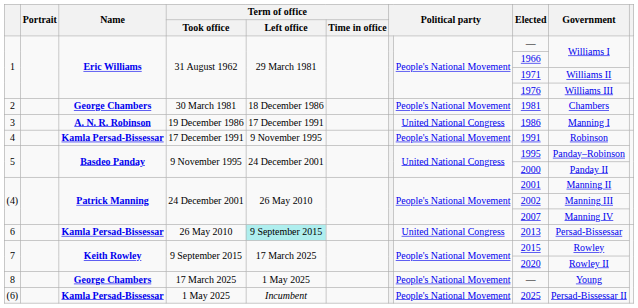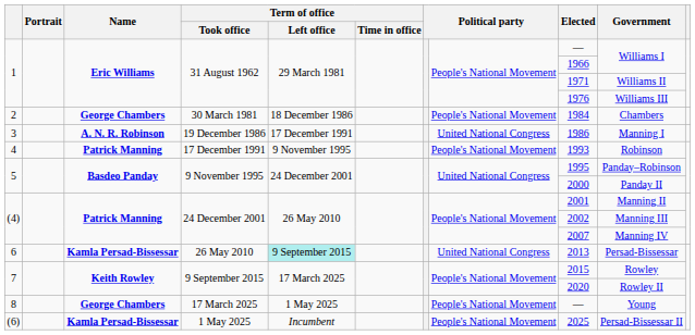 <table class="wikitable" style="text-align:center">
 <tr>
 <th rowspan=2 scope="col"></th>
 <th rowspan=2 scope="col">Portrait</th>
 <th rowspan=2 scope="col">Name<br></th>
 <th colspan=3 scope="col">Term of office</th>
 <th colspan=2 rowspan=2 scope="col">Political party</th>
 <th rowspan=2 scope="col">Elected</th>
 <th rowspan=2 scope="col">Government</th>
 <th rowspan=2 scope="col"></th>
 </tr>
 <tr>
 <th scope="col">Took office</th>
 <th scope="col">Left office</th>
 <th scope="col">Time in office</th>
 </tr>
 <tr>
 <td rowspan="4">1</td>
 <td rowspan="4"></td>
 <td rowspan="4"><strong><a href='#'>Eric Williams</a></strong><br></td>
 <td rowspan="4">31 August 1962</td>
 <td rowspan="4">29 March 1981</td>
 <td rowspan="4"></td>
 <th rowspan="4" style="background:"></th>
 <td rowspan="4"><a href='#'>People's National Movement</a></td>
 <td>—</td>
 <td rowspan="2"><a href='#'>Williams I</a></td>
 <td rowspan="4"></td>
 </tr>
 <tr>
 <td><a href='#'>1966</a></td>
 </tr>
 <tr>
 <td><a href='#'>1971</a></td>
 <td><a href='#'>Williams II</a></td>
 </tr>
 <tr>
 <td><a href='#'>1976</a></td>
 <td><a href='#'>Williams III</a></td>
 </tr>
 <tr>
 <td>2</td>
 <td></td>
 <td><strong><a href='#'>George Chambers</a></strong><br></td>
 <td>30 March 1981</td>
 <td>18 December 1986</td>
 <td></td>
 <th style="background:"></th>
 <td><a href='#'>People's National Movement</a></td>
-<td><a href='#'>1981</a></td>
+<td><a href='#'>1984</a></td>
 <td><a href='#'>Chambers</a></td>
 <td></td>
 </tr>
 <tr>
 <td>3</td>
 <td></td>
 <td><strong><a href='#'>A. N. R. Robinson</a></strong><br></td>
 <td>19 December 1986</td>
 <td>17 December 1991</td>
 <td></td>
 <th style="background:"></th>
 <td><a href='#'>United National Congress</a></td>
 <td><a href='#'>1986</a></td>
 <td><a href='#'>Manning I</a></td>
 <td></td>
 </tr>
 <tr>
 <td>4</td>
 <td></td>
-<td><strong><a href='#'>Kamla Persad-Bissessar</a></strong><br></td>
+<td><strong><a href='#'>Patrick Manning</a></strong><br></td>
 <td>17 December 1991</td>
 <td>9 November 1995</td>
 <td></td>
 <th style="background:"></th>
 <td><a href='#'>People's National Movement</a></td>
-<td><a href='#'>1991</a></td>
+<td><a href='#'>1993</a></td>
 <td><a href='#'>Robinson</a></td>
 </tr>
 <tr>
 <td rowspan="2">5</td>
 <td rowspan="2"></td>
 <td rowspan="2"><strong><a href='#'>Basdeo Panday</a></strong><br></td>
 <td rowspan="2">9 November 1995</td>
 <td rowspan="2">24 December 2001</td>
 <td rowspan="2"></td>
 <th rowspan="2" style="background:"></th>
 <td rowspan="2"><a href='#'>United National Congress</a></td>
 <td><a href='#'>1995</a></td>
 <td><a href='#'>Panday–Robinson</a></td>
 </tr>
 <tr>
 <td><a href='#'>2000</a></td>
 <td><a href='#'>Panday II</a></td>
 </tr>
 <tr>
 <td rowspan="3">(4)</td>
 <td rowspan="3"></td>
 <td rowspan="3"><strong><a href='#'>Patrick Manning</a></strong><br></td>
 <td rowspan="3">24 December 2001</td>
 <td rowspan="3">26 May 2010</td>
 <td rowspan="3"></td>
 <th rowspan="3" style="background:"></th>
 <td rowspan="3"><a href='#'>People's National Movement</a></td>
 <td><a href='#'>2001</a></td>
 <td><a href='#'>Manning II</a></td>
 <td rowspan="3"></td>
 </tr>
 <tr>
 <td><a href='#'>2002</a></td>
 <td><a href='#'>Manning III</a></td>
 </tr>
 <tr>
 <td><a href='#'>2007</a></td>
 <td><a href='#'>Manning IV</a></td>
 </tr>
 <tr>
 <td>6</td>
 <td></td>
 <td><strong><a href='#'>Kamla Persad-Bissessar</a></strong><br></td>
 <td>26 May 2010</td>
 <td style="background: paleturquoise;">9 September 2015</td>
 <td></td>
 <th style="background:"></th>
 <td><a href='#'>United National Congress</a></td>
 <td><a href='#'>2013</a></td>
 <td><a href='#'>Persad-Bissessar</a></td>
 </tr>
 <tr>
 <td rowspan="2">7</td>
 <td rowspan="2"></td>
 <td rowspan="2"><strong><a href='#'>Keith Rowley</a></strong><br></td>
 <td rowspan="2">9 September 2015</td>
 <td rowspan="2">17 March 2025</td>
 <td rowspan="2"></td>
 <th rowspan="2" style="background:"></th>
 <td rowspan="2"><a href='#'>People's National Movement</a></td>
 <td><a href='#'>2015</a></td>
 <td><a href='#'>Rowley</a></td>
 </tr>
 <tr>
 <td><a href='#'>2020</a></td>
 <td><a href='#'>Rowley II</a></td>
 </tr>
 <tr>
 <td>8</td>
 <td></td>
 <td><strong><a href='#'>George Chambers</a></strong><br></td>
 <td>17 March 2025</td>
 <td>1 May 2025</td>
 <td></td>
 <th style="background:"></th>
 <td><a href='#'>People's National Movement</a></td>
 <td>—</td>
 <td><a href='#'>Young</a></td>
 </tr>
 <tr>
 <td>(6)</td>
 <td></td>
 <td><strong><a href='#'>Kamla Persad-Bissessar</a></strong><br></td>
 <td>1 May 2025</td>
 <td><em>Incumbent</em></td>
 <td></td>
 <th style="background:"></th>
 <td><a href='#'>People's National Movement</a></td>
 <td><a href='#'>2025</a></td>
 <td><a href='#'>Persad-Bissessar II</a></td>
 </tr>
 </table>
